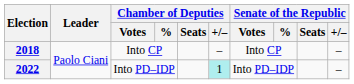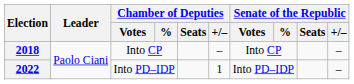 <table class="wikitable" style="text-align:center">
 <tr>
 <th rowspan="2">Election</th>
 <th rowspan="2">Leader</th>
 <th colspan="4"><a href='#'>Chamber of Deputies</a></th>
 <th colspan="4"><a href='#'>Senate of the Republic</a></th>
 </tr>
 <tr>
 <th>Votes</th>
 <th>%</th>
 <th>Seats</th>
 <th>+/–</th>
 <th>Votes</th>
 <th>%</th>
 <th>Seats</th>
 <th>+/–</th>
 </tr>
 <tr>
 <th><a href='#'>2018</a></th>
 <td rowspan=2><a href='#'>Paolo Ciani</a></td>
 <td colspan=2>Into <a href='#'>CP</a></td>
 <td></td>
 <td>–</td>
 <td colspan=2>Into <a href='#'>CP</a></td>
 <td></td>
 <td>–</td>
 </tr>
 <tr>
 <th><a href='#'>2022</a></th>
 <td colspan=2>Into <a href='#'>PD–IDP</a></td>
 <td></td>
-<td style="background: paleturquoise;"> 1</td>
+<td> 1</td>
 <td colspan=2>Into <a href='#'>PD–IDP</a></td>
 <td></td>
 <td>–</td>
 </tr>
 </table>
